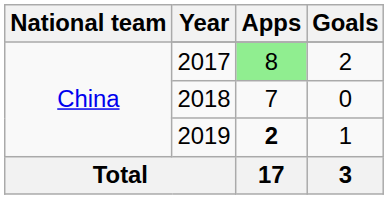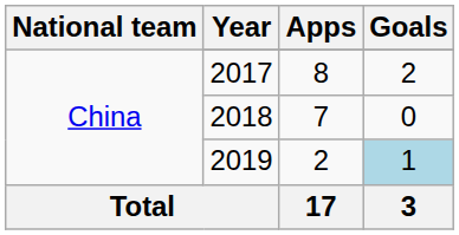 <table class="wikitable" style="text-align:center">
 <tr>
 <th>National team</th>
 <th>Year</th>
 <th>Apps</th>
 <th>Goals</th>
 </tr>
 <tr>
 <td rowspan=4><a href='#'>China</a></td>
 </tr>
 <tr>
 <td>2017</td>
-<td style="background: lightgreen;">8</td>
+<td>8</td>
 <td>2</td>
 </tr>
 <tr>
 <td>2018</td>
 <td>7</td>
 <td>0</td>
 </tr>
 <tr>
 <td>2019</td>
-<td><strong>2</strong></td>
-<td>1</td>
+<td>2</td>
+<td style="background: lightblue;">1</td>
 </tr>
 <tr>
 <th colspan="2">Total</th>
 <th>17</th>
 <th>3</th>
 </tr>
 </table>
